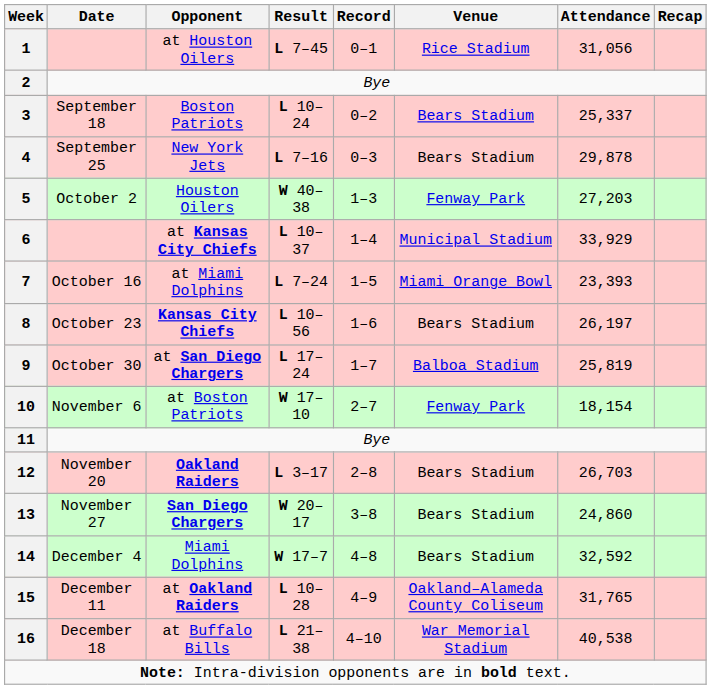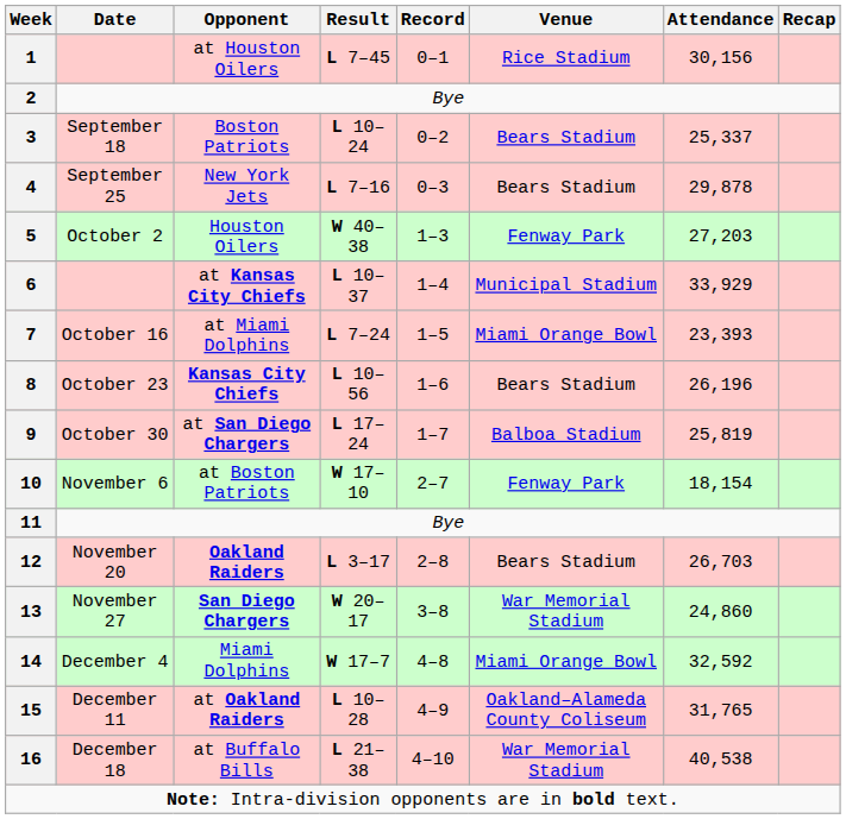 <table class="wikitable" style="text-align:center">
 <tr>
 <th>Week</th>
 <th>Date</th>
 <th>Opponent</th>
 <th>Result</th>
 <th>Record</th>
 <th>Venue</th>
 <th>Attendance</th>
 <th>Recap</th>
 </tr>
 <tr style="background:#fcc">
 <th>1</th>
 <td></td>
 <td>at <a href='#'>Houston Oilers</a></td>
 <td><strong>L</strong> 7–45</td>
 <td>0–1</td>
 <td><a href='#'>Rice Stadium</a></td>
-<td>31,056</td>
+<td>30,156</td>
 <td></td>
 </tr>
 <tr>
 <th>2</th>
 <td colspan=7 align="center"><em>Bye</em></td>
 </tr>
 <tr style="background:#fcc">
 <th>3</th>
 <td>September 18</td>
 <td><a href='#'>Boston Patriots</a></td>
 <td><strong>L</strong> 10–24</td>
 <td>0–2</td>
 <td><a href='#'>Bears Stadium</a></td>
 <td>25,337</td>
 <td></td>
 </tr>
 <tr style="background:#fcc">
 <th>4</th>
 <td>September 25</td>
 <td><a href='#'>New York Jets</a></td>
 <td><strong>L</strong> 7–16</td>
 <td>0–3</td>
 <td>Bears Stadium</td>
 <td>29,878</td>
 <td></td>
 </tr>
 <tr style="background:#cfc">
 <th>5</th>
 <td>October 2</td>
 <td><a href='#'>Houston Oilers</a></td>
 <td><strong>W</strong> 40–38</td>
 <td>1–3</td>
 <td><a href='#'>Fenway Park</a></td>
 <td>27,203</td>
 <td></td>
 </tr>
 <tr style="background:#fcc">
 <th>6</th>
 <td></td>
 <td>at <strong><a href='#'>Kansas City Chiefs</a></strong></td>
 <td><strong>L</strong> 10–37</td>
 <td>1–4</td>
 <td><a href='#'>Municipal Stadium</a></td>
 <td>33,929</td>
 <td></td>
 </tr>
 <tr style="background:#fcc">
 <th>7</th>
 <td>October 16</td>
 <td>at <a href='#'>Miami Dolphins</a></td>
 <td><strong>L</strong> 7–24</td>
 <td>1–5</td>
 <td><a href='#'>Miami Orange Bowl</a></td>
 <td>23,393</td>
 <td></td>
 </tr>
 <tr style="background:#fcc">
 <th>8</th>
 <td>October 23</td>
 <td><strong><a href='#'>Kansas City Chiefs</a></strong></td>
 <td><strong>L</strong> 10–56</td>
 <td>1–6</td>
 <td>Bears Stadium</td>
-<td>26,197</td>
+<td>26,196</td>
 <td></td>
 </tr>
 <tr style="background:#fcc">
 <th>9</th>
 <td>October 30</td>
 <td>at <strong><a href='#'>San Diego Chargers</a></strong></td>
 <td><strong>L</strong> 17–24</td>
 <td>1–7</td>
 <td><a href='#'>Balboa Stadium</a></td>
 <td>25,819</td>
 <td></td>
 </tr>
 <tr style="background:#cfc">
 <th>10</th>
 <td>November 6</td>
 <td>at <a href='#'>Boston Patriots</a></td>
 <td><strong>W</strong> 17–10</td>
 <td>2–7</td>
 <td><a href='#'>Fenway Park</a></td>
 <td>18,154</td>
 <td></td>
 </tr>
 <tr>
 <th>11</th>
 <td colspan=7 align="center"><em>Bye</em></td>
 </tr>
 <tr style="background:#fcc">
 <th>12</th>
 <td>November 20</td>
 <td><strong><a href='#'>Oakland Raiders</a></strong></td>
 <td><strong>L</strong> 3–17</td>
 <td>2–8</td>
 <td>Bears Stadium</td>
 <td>26,703</td>
 <td></td>
 </tr>
 <tr style="background:#cfc">
 <th>13</th>
 <td>November 27</td>
 <td><strong><a href='#'>San Diego Chargers</a></strong></td>
 <td><strong>W</strong> 20–17</td>
 <td>3–8</td>
-<td>Bears Stadium</td>
+<td><a href='#'>War Memorial Stadium</a></td>
 <td>24,860</td>
 <td></td>
 </tr>
 <tr style="background:#cfc">
 <th>14</th>
 <td>December 4</td>
 <td><a href='#'>Miami Dolphins</a></td>
 <td><strong>W</strong> 17–7</td>
 <td>4–8</td>
-<td>Bears Stadium</td>
+<td><a href='#'>Miami Orange Bowl</a></td>
 <td>32,592</td>
 <td></td>
 </tr>
 <tr style="background:#fcc">
 <th>15</th>
 <td>December 11</td>
 <td>at <strong><a href='#'>Oakland Raiders</a></strong></td>
 <td><strong>L</strong> 10–28</td>
 <td>4–9</td>
 <td><a href='#'>Oakland–Alameda County Coliseum</a></td>
 <td>31,765</td>
 <td></td>
 </tr>
 <tr style="background:#fcc">
 <th>16</th>
 <td>December 18</td>
 <td>at <a href='#'>Buffalo Bills</a></td>
 <td><strong>L</strong> 21–38</td>
 <td>4–10</td>
 <td><a href='#'>War Memorial Stadium</a></td>
 <td>40,538</td>
 <td></td>
 </tr>
 <tr>
 <td colspan="8"><strong>Note:</strong> Intra-division opponents are in <strong>bold</strong> text.</td>
 </tr>
 </table>
